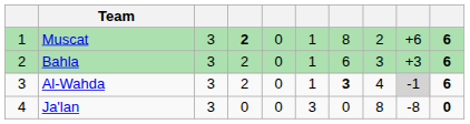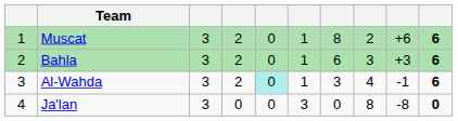 <table class="wikitable" style="text-align: center;">
 <tr>
 <th width=30></th>
 <th width=165>Team</th>
 <th width=30></th>
 <th width=30></th>
 <th width=30></th>
 <th width=30></th>
 <th width=30></th>
 <th width=30></th>
 <th width=30></th>
 <th width=30></th>
 </tr>
 <tr bgcolor=#ACE1AF>
 <td>1</td>
 <td align=left><a href='#'>Muscat</a></td>
 <td>3</td>
-<td><strong>2</strong></td>
+<td>2</td>
 <td>0</td>
 <td>1</td>
 <td>8</td>
 <td>2</td>
 <td>+6</td>
 <td><strong>6</strong></td>
 </tr>
 <tr bgcolor=#ACE1AF>
 <td>2</td>
 <td align=left><a href='#'>Bahla</a></td>
 <td>3</td>
 <td>2</td>
 <td>0</td>
 <td>1</td>
 <td>6</td>
 <td>3</td>
 <td>+3</td>
 <td><strong>6</strong></td>
 </tr>
 <tr>
 <td>3</td>
 <td align=left><a href='#'>Al-Wahda</a></td>
 <td>3</td>
 <td>2</td>
-<td>0</td>
+<td style="background: paleturquoise;">0</td>
 <td>1</td>
-<td><strong>3</strong></td>
+<td>3</td>
 <td>4</td>
-<td style="background: lightgrey;">-1</td>
+<td>-1</td>
 <td><strong>6</strong></td>
 </tr>
 <tr>
 <td>4</td>
 <td align=left><a href='#'>Ja'lan</a></td>
 <td>3</td>
 <td>0</td>
 <td>0</td>
 <td>3</td>
 <td>0</td>
 <td>8</td>
 <td>-8</td>
 <td><strong>0</strong></td>
 </tr>
 </table>
